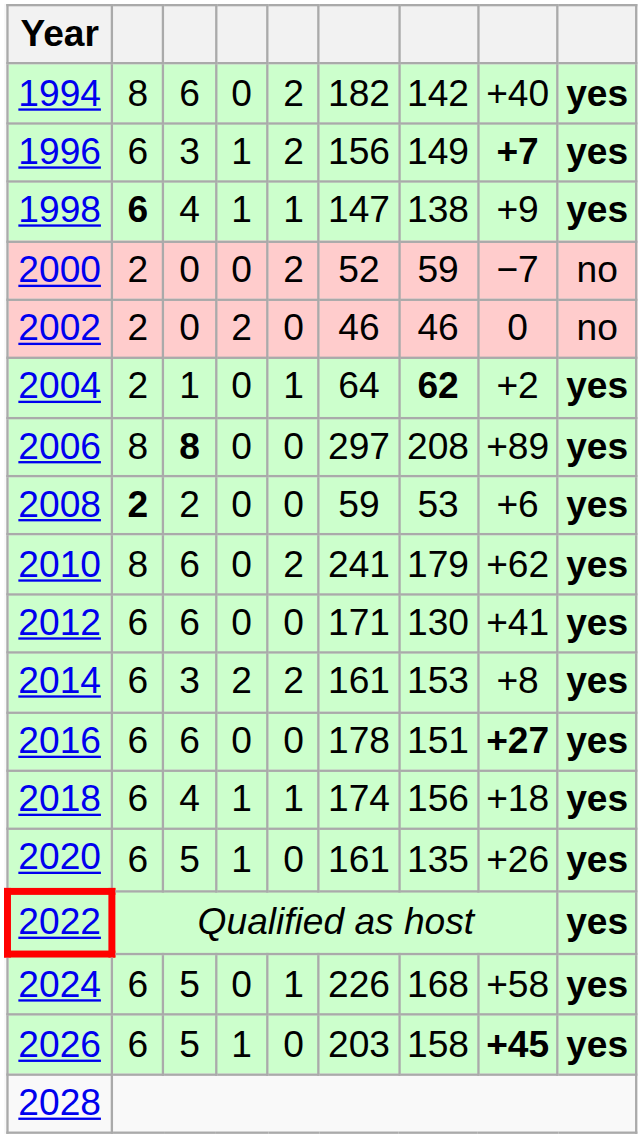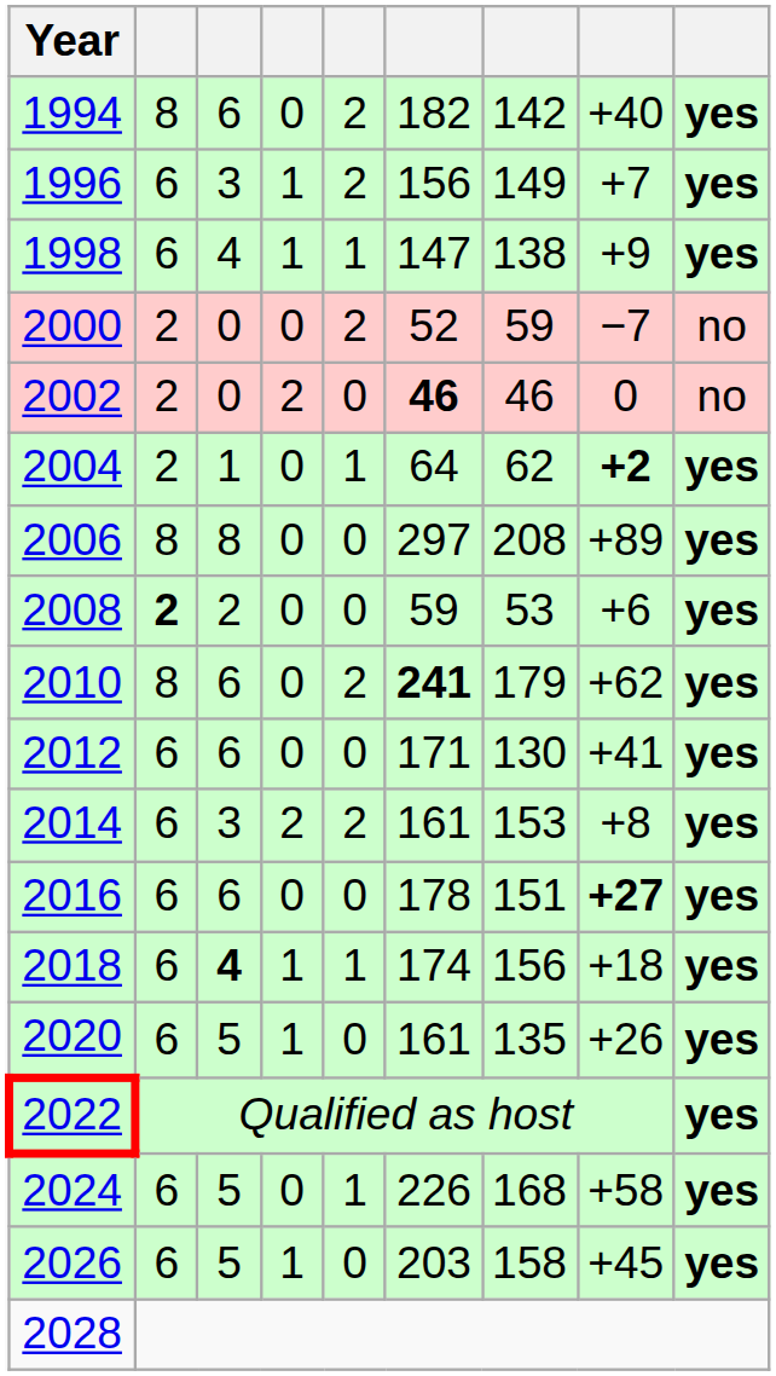 <table class="wikitable" style="text-align: center;">
 <tr>
 <th>Year</th>
 <th width="15"></th>
 <th width="15"></th>
 <th width="15"></th>
 <th width="15"></th>
 <th></th>
 <th></th>
 <th></th>
 <th></th>
 </tr>
 <tr style="background:#ccffcc;">
 <td> <a href='#'>1994</a></td>
 <td>8</td>
 <td>6</td>
 <td>0</td>
 <td>2</td>
 <td>182</td>
 <td>142</td>
 <td>+40</td>
 <td><strong>yes</strong></td>
 </tr>
 <tr style="background:#ccffcc;">
 <td> <a href='#'>1996</a></td>
 <td>6</td>
 <td>3</td>
 <td>1</td>
 <td>2</td>
 <td>156</td>
 <td>149</td>
-<td><strong>+7</strong></td>
+<td>+7</td>
 <td><strong>yes</strong></td>
 </tr>
 <tr style="background:#ccffcc;">
 <td> <a href='#'>1998</a></td>
-<td><strong>6</strong></td>
+<td>6</td>
 <td>4</td>
 <td>1</td>
 <td>1</td>
 <td>147</td>
 <td>138</td>
 <td>+9</td>
 <td><strong>yes</strong></td>
 </tr>
 <tr style="background:#ffcccc;">
 <td> <a href='#'>2000</a></td>
 <td>2</td>
 <td>0</td>
 <td>0</td>
 <td>2</td>
 <td>52</td>
 <td>59</td>
 <td>−7</td>
 <td>no</td>
 </tr>
 <tr style="background:#ffcccc;">
 <td> <a href='#'>2002</a></td>
 <td>2</td>
 <td>0</td>
 <td>2</td>
 <td>0</td>
-<td>46</td>
+<td><strong>46</strong></td>
 <td>46</td>
 <td>0</td>
 <td>no</td>
 </tr>
 <tr style="background:#ccffcc;">
 <td> <a href='#'>2004</a></td>
 <td>2</td>
 <td>1</td>
 <td>0</td>
 <td>1</td>
 <td>64</td>
-<td><strong>62</strong></td>
-<td>+2</td>
+<td>62</td>
+<td><strong>+2</strong></td>
 <td><strong>yes</strong></td>
 </tr>
 <tr style="background:#ccffcc;">
 <td> <a href='#'>2006</a></td>
 <td>8</td>
-<td><strong>8</strong></td>
+<td>8</td>
 <td>0</td>
 <td>0</td>
 <td>297</td>
 <td>208</td>
 <td>+89</td>
 <td><strong>yes</strong></td>
 </tr>
 <tr style="background:#ccffcc;">
 <td> <a href='#'>2008</a></td>
 <td><strong>2</strong></td>
 <td>2</td>
 <td>0</td>
 <td>0</td>
 <td>59</td>
 <td>53</td>
 <td>+6</td>
 <td><strong>yes</strong></td>
 </tr>
 <tr style="background:#ccffcc;">
 <td> <a href='#'>2010</a></td>
 <td>8</td>
 <td>6</td>
 <td>0</td>
 <td>2</td>
-<td>241</td>
+<td><strong>241</strong></td>
 <td>179</td>
 <td>+62</td>
 <td><strong>yes</strong></td>
 </tr>
 <tr style="background:#ccffcc;">
 <td> <a href='#'>2012</a></td>
 <td>6</td>
 <td>6</td>
 <td>0</td>
 <td>0</td>
 <td>171</td>
 <td>130</td>
 <td>+41</td>
 <td><strong>yes</strong></td>
 </tr>
 <tr style="background:#ccffcc;">
 <td> <a href='#'>2014</a></td>
 <td>6</td>
 <td>3</td>
 <td>2</td>
 <td>2</td>
 <td>161</td>
 <td>153</td>
 <td>+8</td>
 <td><strong>yes</strong></td>
 </tr>
 <tr style="background:#ccffcc;">
 <td> <a href='#'>2016</a></td>
 <td>6</td>
 <td>6</td>
 <td>0</td>
 <td>0</td>
 <td>178</td>
 <td>151</td>
 <td><strong>+27</strong></td>
 <td><strong>yes</strong></td>
 </tr>
 <tr style="background:#ccffcc;">
 <td> <a href='#'>2018</a></td>
 <td>6</td>
-<td>4</td>
+<td><strong>4</strong></td>
 <td>1</td>
 <td>1</td>
 <td>174</td>
 <td>156</td>
 <td>+18</td>
 <td><strong>yes</strong></td>
 </tr>
 <tr style="background:#ccffcc;">
 <td> <a href='#'>2020</a></td>
 <td>6</td>
 <td>5</td>
 <td>1</td>
 <td>0</td>
 <td>161</td>
 <td>135</td>
 <td>+26</td>
 <td><strong>yes</strong></td>
 </tr>
 <tr style="background:#ccffcc;">
 <td style="border: 3px solid red"> <a href='#'>2022</a></td>
 <td colspan="7"><em>Qualified as host</em></td>
 <td><strong>yes</strong></td>
 </tr>
 <tr style="background:#ccffcc;">
 <td> <a href='#'>2024</a></td>
 <td>6</td>
 <td>5</td>
 <td>0</td>
 <td>1</td>
 <td>226</td>
 <td>168</td>
 <td>+58</td>
 <td><strong>yes</strong></td>
 </tr>
 <tr style="background:#ccffcc;">
 <td> <a href='#'>2026</a></td>
 <td>6</td>
 <td>5</td>
 <td>1</td>
 <td>0</td>
 <td>203</td>
 <td>158</td>
-<td><strong>+45</strong></td>
+<td>+45</td>
 <td><strong>yes</strong></td>
 </tr>
 <tr>
 <td> <a href='#'>2028</a></td>
 </tr>
 </table>
